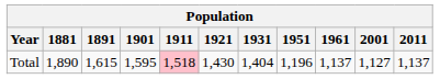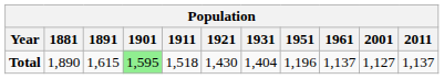 <table class="wikitable" style="margin: 1em auto 1em auto;">
 <tr>
 <th colspan="11">Population</th>
 </tr>
 <tr>
 <th>Year</th>
 <th>1881</th>
 <th>1891</th>
 <th>1901</th>
 <th>1911</th>
 <th>1921</th>
 <th>1931</th>
 <th>1951</th>
 <th>1961</th>
 <th>2001</th>
 <th>2011</th>
 </tr>
 <tr>
-<td>Total</td>
+<td><strong>Total</strong></td>
 <td>1,890</td>
 <td>1,615</td>
-<td>1,595</td>
-<td style="background: pink;">1,518</td>
+<td style="background: lightgreen;">1,595</td>
+<td>1,518</td>
 <td>1,430</td>
 <td>1,404</td>
 <td>1,196</td>
 <td>1,137</td>
 <td>1,127</td>
 <td>1,137</td>
 </tr>
 </table>
